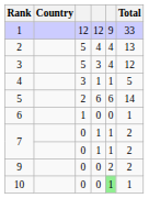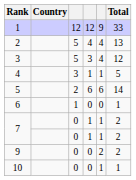 <table class=wikitable style="text-align: center; font-size:95%">
 <tr>
 <th>Rank</th>
 <th>Country</th>
 <th></th>
 <th></th>
 <th></th>
 <th>Total</th>
 </tr>
 <tr style="background: #ccccff">
 <td>1</td>
 <td style="text-align: left"></td>
 <td>12</td>
 <td>12</td>
 <td>9</td>
 <td>33</td>
 </tr>
 <tr>
 <td>2</td>
 <td style="text-align: left"></td>
 <td>5</td>
 <td>4</td>
 <td>4</td>
 <td>13</td>
 </tr>
 <tr>
 <td>3</td>
 <td style="text-align: left"></td>
 <td>5</td>
 <td>3</td>
 <td>4</td>
 <td>12</td>
 </tr>
 <tr>
 <td>4</td>
 <td style="text-align: left"></td>
 <td>3</td>
 <td>1</td>
 <td>1</td>
 <td>5</td>
 </tr>
 <tr>
 <td>5</td>
 <td style="text-align: left"></td>
 <td>2</td>
 <td>6</td>
 <td>6</td>
 <td>14</td>
 </tr>
 <tr>
 <td>6</td>
 <td style="text-align: left"></td>
 <td>1</td>
 <td>0</td>
 <td>0</td>
 <td>1</td>
 </tr>
 <tr>
 <td rowspan=2>7</td>
 <td style="text-align: left"></td>
 <td>0</td>
 <td>1</td>
 <td>1</td>
 <td>2</td>
 </tr>
 <tr>
 <td style="text-align: left"></td>
 <td>0</td>
 <td>1</td>
 <td>1</td>
 <td>2</td>
 </tr>
 <tr>
 <td>9</td>
 <td style="text-align: left"></td>
 <td>0</td>
 <td>0</td>
 <td>2</td>
 <td>2</td>
 </tr>
 <tr>
 <td>10</td>
 <td style="text-align: left"></td>
 <td>0</td>
 <td>0</td>
-<td style="background: lightgreen;">1</td>
+<td>1</td>
 <td>1</td>
 </tr>
 </table>
